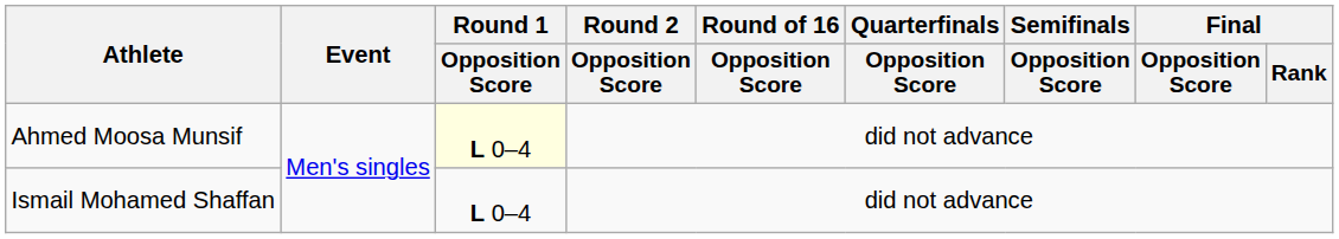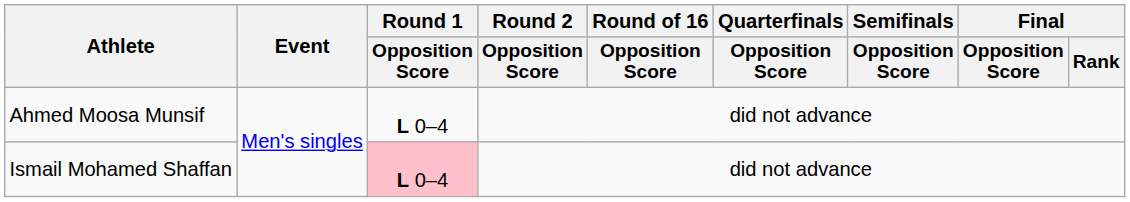 <table class=wikitable style="font-size:90%; text-align:center;">
 <tr>
 <th rowspan="2">Athlete</th>
 <th rowspan="2">Event</th>
 <th>Round 1</th>
 <th>Round 2</th>
 <th>Round of 16</th>
 <th>Quarterfinals</th>
 <th>Semifinals</th>
 <th colspan=2>Final</th>
 </tr>
 <tr style="font-size:95%">
 <th>Opposition<br>Score</th>
 <th>Opposition<br>Score</th>
 <th>Opposition<br>Score</th>
 <th>Opposition<br>Score</th>
 <th>Opposition<br>Score</th>
 <th>Opposition<br>Score</th>
 <th>Rank</th>
 </tr>
 <tr>
 <td align=left>Ahmed Moosa Munsif</td>
 <td align=left rowspan=2><a href='#'>Men's singles</a></td>
-<td style="background: lightyellow;"><br><strong>L</strong> 0–4</td>
+<td><br><strong>L</strong> 0–4</td>
 <td colspan=6>did not advance</td>
 </tr>
 <tr>
 <td align=left>Ismail Mohamed Shaffan</td>
-<td><br><strong>L</strong> 0–4</td>
+<td style="background: pink;"><br><strong>L</strong> 0–4</td>
 <td colspan=6>did not advance</td>
 </tr>
 </table>
